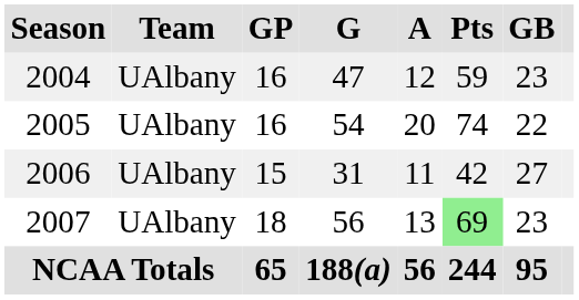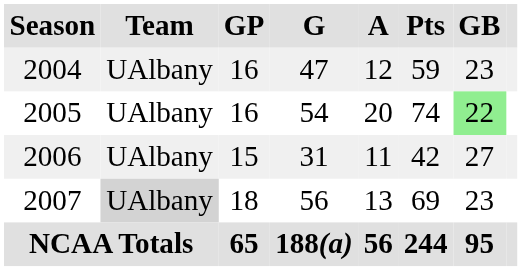 <table BORDER="0" CELLPADDING="3" CELLSPACING="0">
 <tr ALIGN="center" bgcolor="#e0e0e0">
 <th>Season</th>
 <th>Team</th>
 <th>GP</th>
 <th>G</th>
 <th>A</th>
 <th>Pts</th>
 <th>GB</th>
 <th></th>
 </tr>
 <tr ALIGN="center" bgcolor="#f0f0f0">
 <td>2004</td>
 <td>UAlbany</td>
 <td>16</td>
 <td>47</td>
 <td>12</td>
 <td>59</td>
 <td>23</td>
 <td></td>
 </tr>
 <tr ALIGN="center">
 <td>2005</td>
 <td>UAlbany</td>
 <td>16</td>
 <td>54</td>
 <td>20</td>
 <td>74</td>
-<td>22</td>
+<td style="background: lightgreen;">22</td>
 <td></td>
 </tr>
 <tr ALIGN="center" bgcolor="#f0f0f0">
 <td>2006</td>
 <td>UAlbany</td>
 <td>15</td>
 <td>31</td>
 <td>11</td>
 <td>42</td>
 <td>27</td>
 <td></td>
 </tr>
 <tr ALIGN="center">
 <td>2007</td>
-<td>UAlbany</td>
+<td style="background: lightgrey;">UAlbany</td>
 <td>18</td>
 <td>56</td>
 <td>13</td>
-<td style="background: lightgreen;">69</td>
+<td>69</td>
 <td>23</td>
 <td></td>
 </tr>
 <tr ALIGN="center" bgcolor="#e0e0e0">
 <th colspan="2">NCAA Totals</th>
 <th>65</th>
 <th>188<em>(a)</em></th>
 <th>56</th>
 <th>244</th>
 <th>95</th>
 <th></th>
 </tr>
 </table>
